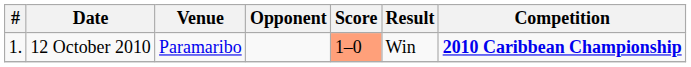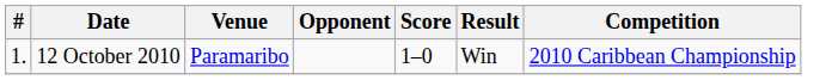 <table class="wikitable">
 <tr>
 <th>#</th>
 <th>Date</th>
 <th>Venue</th>
 <th>Opponent</th>
 <th>Score</th>
 <th>Result</th>
 <th>Competition</th>
 </tr>
 <tr>
 <td>1.</td>
 <td>12 October 2010</td>
 <td><a href='#'>Paramaribo</a></td>
 <td></td>
-<td style="background: lightsalmon;">1–0</td>
+<td>1–0</td>
 <td>Win</td>
-<td><strong><a href='#'>2010 Caribbean Championship</a></strong></td>
+<td><a href='#'>2010 Caribbean Championship</a></td>
 </tr>
 <tr>
 </tr>
 </table>
